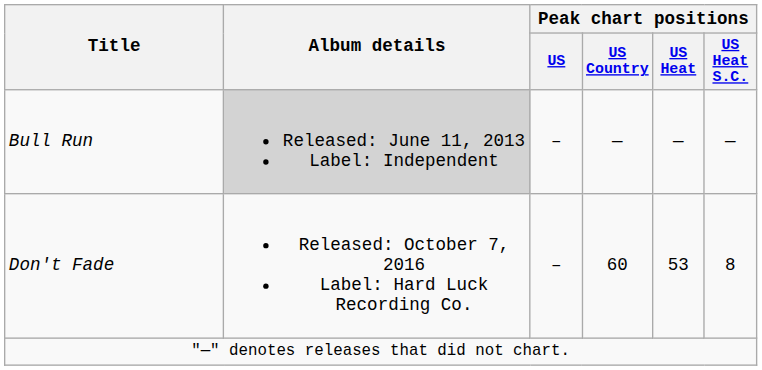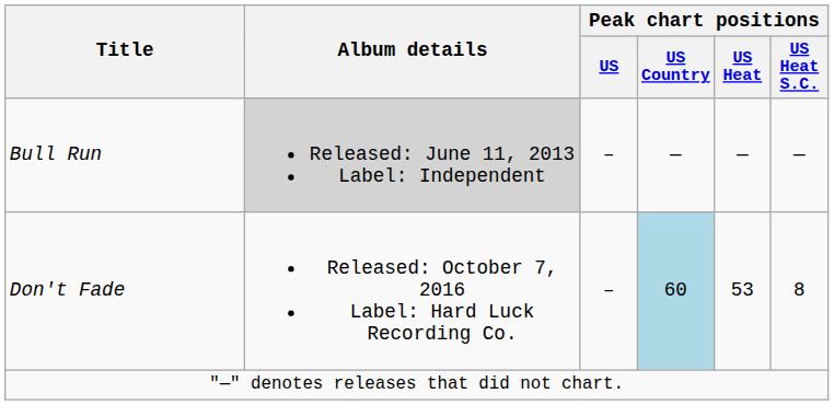 <table class="wikitable plainrowheaders" style="text-align:center;" border="1">
 <tr>
 <th scope="col" rowspan="2" style="width:12em;">Title</th>
 <th scope="col" rowspan="2" style="width:17em;">Album details</th>
 <th scope="col" colspan="4">Peak chart positions</th>
 </tr>
 <tr>
 <th scope="col" style="width:3em;font-size:85%;"><a href='#'>US</a></th>
 <th scope="col" style="width:3em;font-size:85%;"><a href='#'>US<br>Country</a></th>
 <th scope="col" style="width:3em;font-size:85%;"><a href='#'>US<br>Heat</a></th>
 <th scope="col" style="width:3em;font-size:85%;"><a href='#'>US<br>Heat S.C.</a></th>
 </tr>
 <tr>
 <td style= "text-align: left;"><em>Bull Run</em></td>
 <td style="background: lightgrey;"><br><ul><li>Released: June 11, 2013</li><li>Label: Independent</li></ul></td>
 <td>–</td>
 <td>—</td>
 <td>—</td>
 <td>—</td>
 </tr>
 <tr>
 <td style= "text-align: left;"><em>Don't Fade</em></td>
 <td><br><ul><li>Released: October 7, 2016</li><li>Label:  Hard Luck Recording Co.</li></ul></td>
 <td>–</td>
-<td>60</td>
+<td style="background: lightblue;">60</td>
 <td>53</td>
 <td>8</td>
 </tr>
 <tr>
 <td colspan="12" style="text-align:center; font-size:90%;">"—" denotes releases that did not chart.</td>
 </tr>
 </table>
